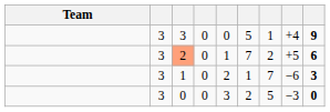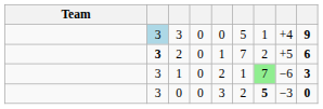 <table class="wikitable" style="text-align:center;">
 <tr>
 <th width=175>Team</th>
 <th width=20></th>
 <th width=20></th>
 <th width=20></th>
 <th width=20></th>
 <th width=20></th>
 <th width=20></th>
 <th width=20></th>
 <th width=20></th>
 </tr>
 <tr>
 <td align=left></td>
-<td>3</td>
+<td style="background: lightblue;">3</td>
 <td>3</td>
 <td>0</td>
 <td>0</td>
 <td>5</td>
 <td>1</td>
 <td>+4</td>
 <td><strong>9</strong></td>
 </tr>
 <tr>
 <td align=left></td>
-<td>3</td>
-<td style="background: lightsalmon;">2</td>
+<td><strong>3</strong></td>
+<td>2</td>
 <td>0</td>
 <td>1</td>
 <td>7</td>
 <td>2</td>
 <td>+5</td>
 <td><strong>6</strong></td>
 </tr>
 <tr>
 <td align=left></td>
 <td>3</td>
 <td>1</td>
 <td>0</td>
 <td>2</td>
 <td>1</td>
-<td>7</td>
+<td style="background: lightgreen;">7</td>
 <td>−6</td>
 <td><strong>3</strong></td>
 </tr>
 <tr>
 <td align=left></td>
 <td>3</td>
 <td>0</td>
 <td>0</td>
 <td>3</td>
 <td>2</td>
-<td>5</td>
+<td><strong>5</strong></td>
 <td>−3</td>
 <td><strong>0</strong></td>
 </tr>
 </table>
